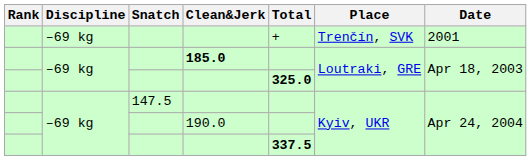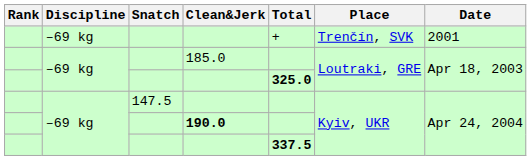 <table class="wikitable">
 <tr>
 <th>Rank</th>
 <th>Discipline</th>
 <th>Snatch</th>
 <th>Clean&Jerk</th>
 <th>Total</th>
 <th>Place</th>
 <th>Date</th>
 </tr>
 <tr bgcolor=#CCFFCC>
 <td><strong></strong></td>
 <td>–69 kg</td>
 <td></td>
 <td></td>
 <td>+</td>
 <td><a href='#'>Trenčín</a>, <a href='#'>SVK</a></td>
 <td>2001</td>
 </tr>
 <tr bgcolor=#CCFFCC>
 <td></td>
 <td rowspan=2>–69 kg</td>
 <td></td>
-<td><strong>185.0</strong></td>
+<td>185.0</td>
 <td></td>
 <td rowspan=2><a href='#'>Loutraki</a>, <a href='#'>GRE</a></td>
 <td rowspan=2>Apr 18, 2003</td>
 </tr>
 <tr bgcolor=#CCFFCC>
 <td><strong></strong></td>
 <td></td>
 <td></td>
 <td><strong>325.0</strong></td>
 </tr>
 <tr bgcolor=#CCFFCC>
 <td></td>
 <td rowspan=3>–69 kg</td>
 <td>147.5</td>
 <td></td>
 <td></td>
 <td rowspan=3><a href='#'>Kyiv</a>, <a href='#'>UKR</a></td>
 <td rowspan=3>Apr 24, 2004</td>
 </tr>
 <tr bgcolor=#CCFFCC>
 <td></td>
 <td></td>
-<td>190.0</td>
+<td><strong>190.0</strong></td>
 <td></td>
 </tr>
 <tr bgcolor=#CCFFCC>
 <td><strong></strong></td>
 <td></td>
 <td></td>
 <td><strong>337.5</strong></td>
 </tr>
 </table>
